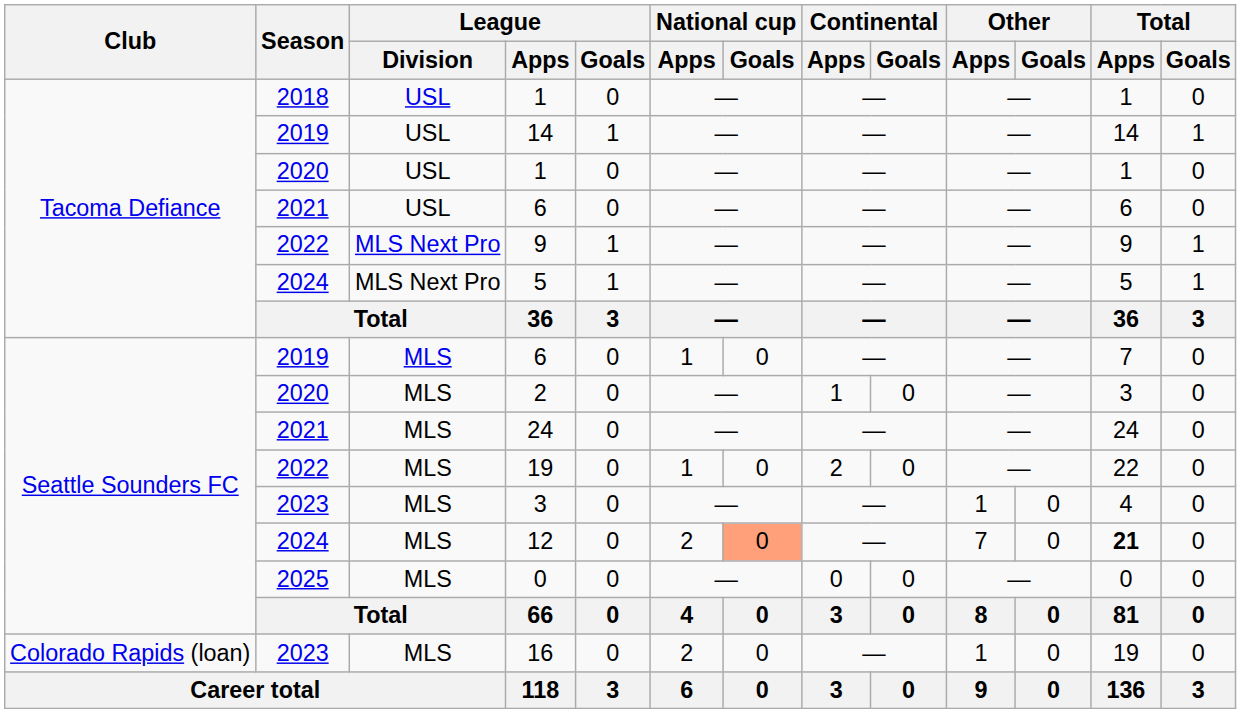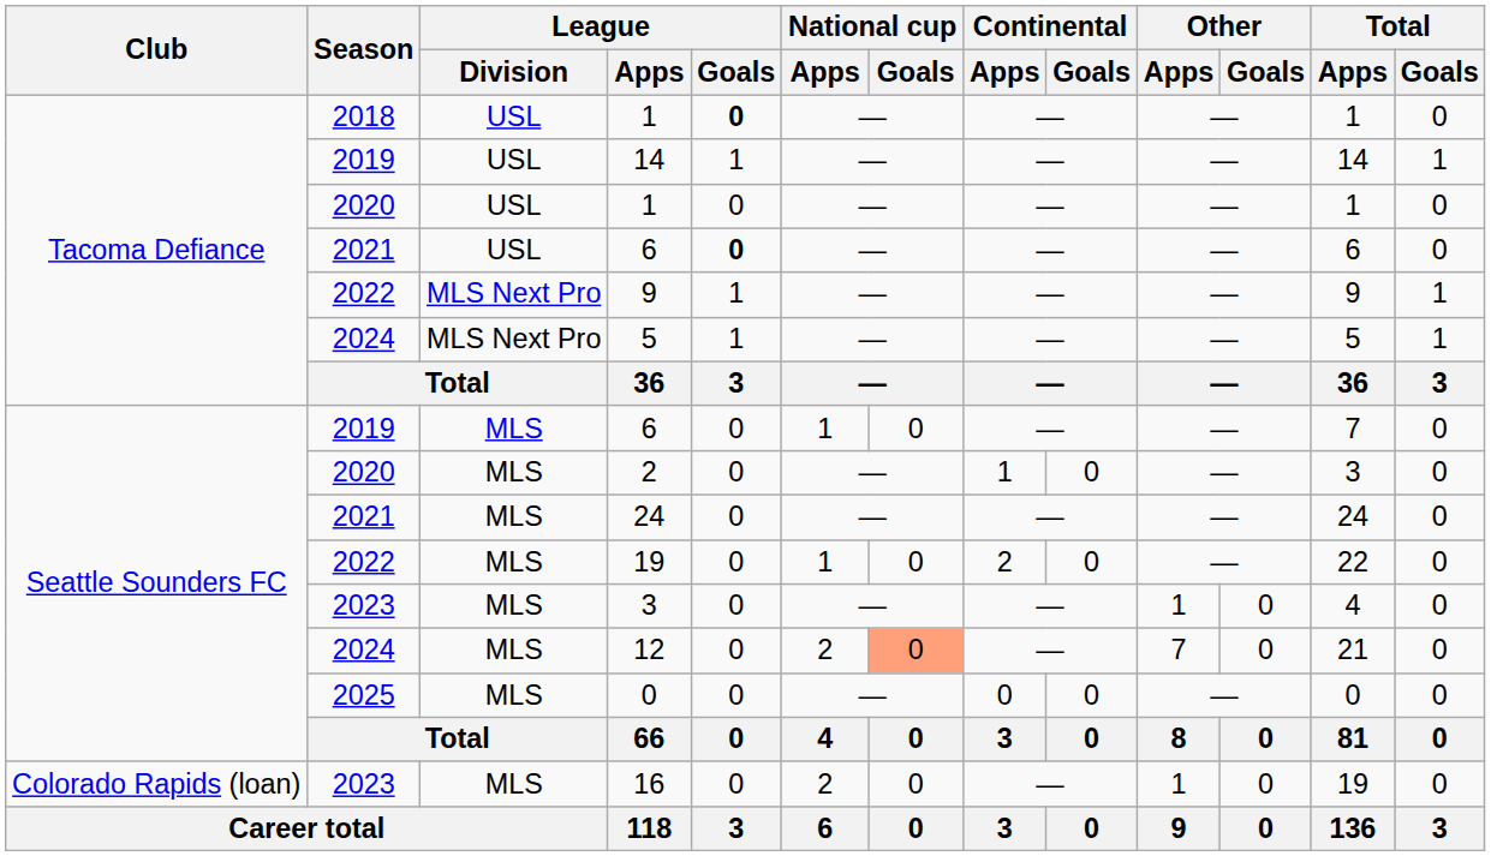 <table class="wikitable" style="text-align:center">
 <tr>
 <th rowspan="2">Club</th>
 <th rowspan="2">Season</th>
 <th colspan="3">League</th>
 <th colspan="2">National cup</th>
 <th colspan="2">Continental</th>
 <th colspan="2">Other</th>
 <th colspan="2">Total</th>
 </tr>
 <tr>
 <th>Division</th>
 <th>Apps</th>
 <th>Goals</th>
 <th>Apps</th>
 <th>Goals</th>
 <th>Apps</th>
 <th>Goals</th>
 <th>Apps</th>
 <th>Goals</th>
 <th>Apps</th>
 <th>Goals</th>
 </tr>
 <tr>
 <td rowspan="7"><a href='#'>Tacoma Defiance</a></td>
 <td><a href='#'>2018</a></td>
 <td><a href='#'>USL</a></td>
 <td>1</td>
-<td>0</td>
+<td><strong>0</strong></td>
 <td colspan="2">—</td>
 <td colspan="2">—</td>
 <td colspan="2">—</td>
 <td>1</td>
 <td>0</td>
 </tr>
 <tr>
 <td><a href='#'>2019</a></td>
 <td>USL</td>
 <td>14</td>
 <td>1</td>
 <td colspan="2">—</td>
 <td colspan="2">—</td>
 <td colspan="2">—</td>
 <td>14</td>
 <td>1</td>
 </tr>
 <tr>
 <td><a href='#'>2020</a></td>
 <td>USL</td>
 <td>1</td>
 <td>0</td>
 <td colspan="2">—</td>
 <td colspan="2">—</td>
 <td colspan="2">—</td>
 <td>1</td>
 <td>0</td>
 </tr>
 <tr>
 <td><a href='#'>2021</a></td>
 <td>USL</td>
 <td>6</td>
-<td>0</td>
+<td><strong>0</strong></td>
 <td colspan="2">—</td>
 <td colspan="2">—</td>
 <td colspan="2">—</td>
 <td>6</td>
 <td>0</td>
 </tr>
 <tr>
 <td><a href='#'>2022</a></td>
 <td><a href='#'>MLS Next Pro</a></td>
 <td>9</td>
 <td>1</td>
 <td colspan="2">—</td>
 <td colspan="2">—</td>
 <td colspan="2">—</td>
 <td>9</td>
 <td>1</td>
 </tr>
 <tr>
 <td><a href='#'>2024</a></td>
 <td>MLS Next Pro</td>
 <td>5</td>
 <td>1</td>
 <td colspan="2">—</td>
 <td colspan="2">—</td>
 <td colspan="2">—</td>
 <td>5</td>
 <td>1</td>
 </tr>
 <tr>
 <th colspan="2">Total</th>
 <th>36</th>
 <th>3</th>
 <th colspan="2">—</th>
 <th colspan="2">—</th>
 <th colspan="2">—</th>
 <th>36</th>
 <th>3</th>
 </tr>
 <tr>
 <td rowspan="8"><a href='#'>Seattle Sounders FC</a></td>
 <td><a href='#'>2019</a></td>
 <td><a href='#'>MLS</a></td>
 <td>6</td>
 <td>0</td>
 <td>1</td>
 <td>0</td>
 <td colspan="2">—</td>
 <td colspan="2">—</td>
 <td>7</td>
 <td>0</td>
 </tr>
 <tr>
 <td><a href='#'>2020</a></td>
 <td>MLS</td>
 <td>2</td>
 <td>0</td>
 <td colspan="2">—</td>
 <td>1</td>
 <td>0</td>
 <td colspan="2">—</td>
 <td>3</td>
 <td>0</td>
 </tr>
 <tr>
 <td><a href='#'>2021</a></td>
 <td>MLS</td>
 <td>24</td>
 <td>0</td>
 <td colspan="2">—</td>
 <td colspan="2">—</td>
 <td colspan="2">—</td>
 <td>24</td>
 <td>0</td>
 </tr>
 <tr>
 <td><a href='#'>2022</a></td>
 <td>MLS</td>
 <td>19</td>
 <td>0</td>
 <td>1</td>
 <td>0</td>
 <td>2</td>
 <td>0</td>
 <td colspan="2">—</td>
 <td>22</td>
 <td>0</td>
 </tr>
 <tr>
 <td><a href='#'>2023</a></td>
 <td>MLS</td>
 <td>3</td>
 <td>0</td>
 <td colspan="2">—</td>
 <td colspan="2">—</td>
 <td>1</td>
 <td>0</td>
 <td>4</td>
 <td>0</td>
 </tr>
 <tr>
 <td><a href='#'>2024</a></td>
 <td>MLS</td>
 <td>12</td>
 <td>0</td>
 <td>2</td>
 <td style="background: lightsalmon;">0</td>
 <td colspan="2">—</td>
 <td>7</td>
 <td>0</td>
-<td><strong>21</strong></td>
+<td>21</td>
 <td>0</td>
 </tr>
 <tr>
 <td><a href='#'>2025</a></td>
 <td>MLS</td>
 <td>0</td>
 <td>0</td>
 <td colspan="2">—</td>
 <td>0</td>
 <td>0</td>
 <td colspan="2">—</td>
 <td>0</td>
 <td>0</td>
 </tr>
 <tr>
 <th colspan="2">Total</th>
 <th>66</th>
 <th>0</th>
 <th>4</th>
 <th>0</th>
 <th>3</th>
 <th>0</th>
 <th>8</th>
 <th>0</th>
 <th>81</th>
 <th>0</th>
 </tr>
 <tr>
 <td><a href='#'>Colorado Rapids</a> (loan)</td>
 <td><a href='#'>2023</a></td>
 <td>MLS</td>
 <td>16</td>
 <td>0</td>
 <td>2</td>
 <td>0</td>
 <td colspan="2">—</td>
 <td>1</td>
 <td>0</td>
 <td>19</td>
 <td>0</td>
 </tr>
 <tr>
 <th colspan="3">Career total</th>
 <th>118</th>
 <th>3</th>
 <th>6</th>
 <th>0</th>
 <th>3</th>
 <th>0</th>
 <th>9</th>
 <th>0</th>
 <th>136</th>
 <th>3</th>
 </tr>
 </table>
